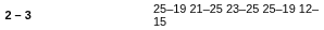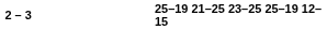 <table width=100% cellspacing=1>
 <tr>
 <th width=20%></th>
 <th width=12%></th>
 <th width=20%></th>
 <th width=33%></th>
 <td></td>
 </tr>
 <tr style=font-size:90%>
 <td align=right></td>
 <td align=center><strong>2 – 3</strong></td>
 <td><strong></strong></td>
-<td>25–19 21–25 23–25 25–19 12–15</td>
+<td><strong>25–19 21–25 23–25 25–19 12–15</strong></td>
 </tr>
 </table>
